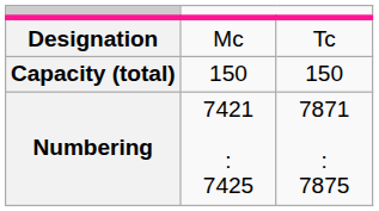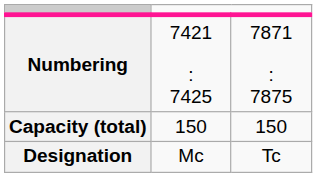 <table class="wikitable" style="text-align:center">
 <tr style="border-bottom: 4px solid deeppink">
 <td style="background:#ccc"></td>
 <td colspan="2"> </td>
 </tr>
 <tr>
-<th>Designation</th>
-<td width="60">Mc</td>
-<td width="60">Tc</td>
+<th>Numbering</th>
+<td>7421<br><br>:<br> 7425</td>
+<td>7871<br><br>:<br> 7875</td>
 </tr>
 <tr>
 <th>Capacity (total)</th>
 <td>150</td>
 <td>150</td>
 </tr>
 <tr>
-<th>Numbering</th>
-<td>7421<br><br>:<br> 7425</td>
-<td>7871<br><br>:<br> 7875</td>
+<th>Designation</th>
+<td width="60">Mc</td>
+<td width="60">Tc</td>
 </tr>
 </table>
